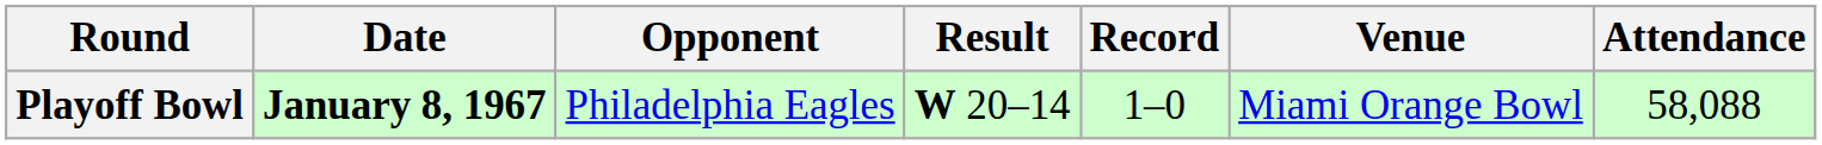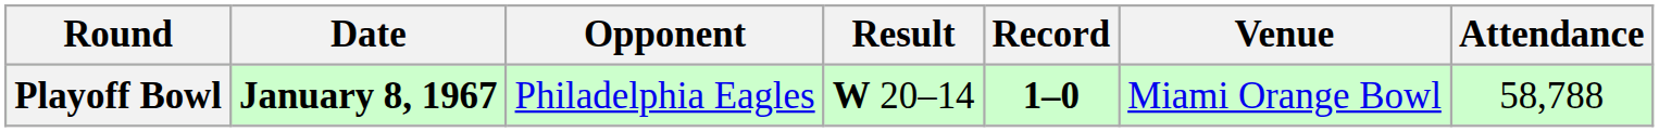 <table class="wikitable" style="text-align:center">
 <tr>
 <th>Round</th>
 <th>Date</th>
 <th>Opponent</th>
 <th>Result</th>
 <th>Record</th>
 <th>Venue</th>
 <th>Attendance</th>
 </tr>
 <tr style="background:#cfc">
 <th>Playoff Bowl</th>
 <td><strong>January 8, 1967</strong></td>
 <td><a href='#'>Philadelphia Eagles</a></td>
 <td><strong>W</strong> 20–14</td>
-<td>1–0</td>
+<td><strong>1–0</strong></td>
 <td><a href='#'>Miami Orange Bowl</a></td>
-<td>58,088</td>
+<td>58,788</td>
 </tr>
 </table>
